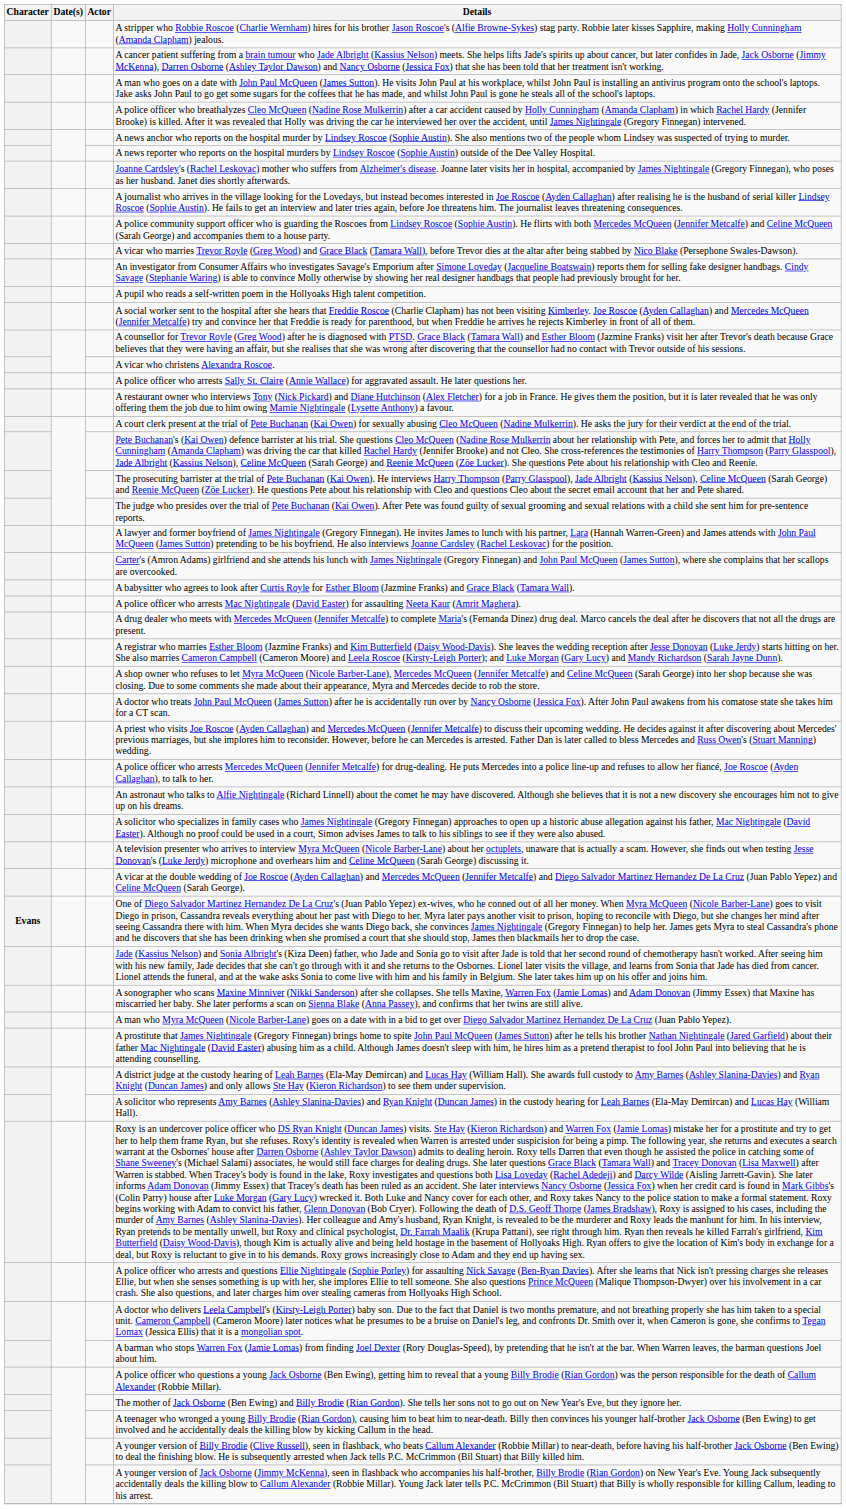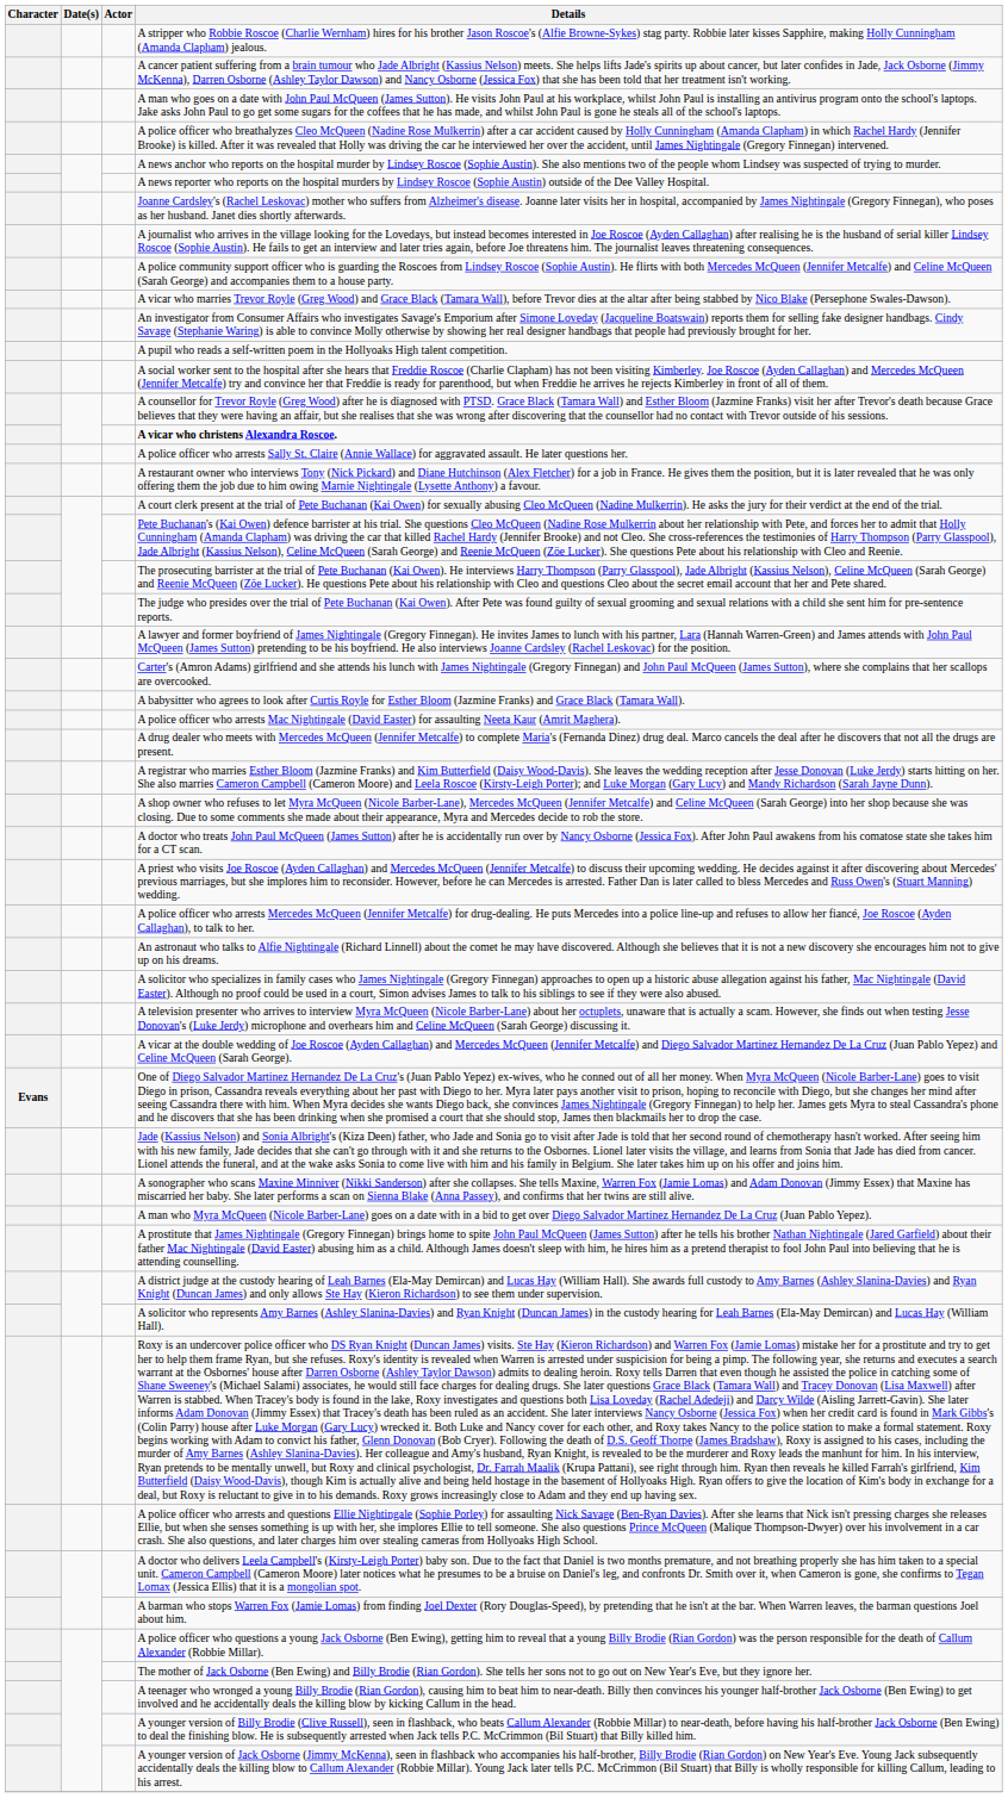 <table class="wikitable plainrowheaders" style="font-size:90%">
 <tr>
 <th scope="col">Character</th>
 <th scope="col">Date(s)</th>
 <th scope="col">Actor</th>
 <th scope="col">Details</th>
 </tr>
 <tr>
 <th scope="row"></th>
 <td></td>
 <td></td>
 <td>A stripper who <a href='#'>Robbie Roscoe</a> (<a href='#'>Charlie Wernham</a>) hires for his brother <a href='#'>Jason Roscoe</a>'s (<a href='#'>Alfie Browne-Sykes</a>) stag party. Robbie later kisses Sapphire, making <a href='#'>Holly Cunningham</a> (<a href='#'>Amanda Clapham</a>) jealous.</td>
 </tr>
 <tr>
 <th scope="row"></th>
 <td></td>
 <td></td>
 <td>A cancer patient suffering from a <a href='#'>brain tumour</a> who <a href='#'>Jade Albright</a> (<a href='#'>Kassius Nelson</a>) meets. She helps lifts Jade's spirits up about cancer, but later confides in Jade, <a href='#'>Jack Osborne</a> (<a href='#'>Jimmy McKenna</a>), <a href='#'>Darren Osborne</a> (<a href='#'>Ashley Taylor Dawson</a>) and <a href='#'>Nancy Osborne</a> (<a href='#'>Jessica Fox</a>) that she has been told that her treatment isn't working.</td>
 </tr>
 <tr>
 <th scope="row"></th>
 <td></td>
 <td></td>
 <td>A man who goes on a date with <a href='#'>John Paul McQueen</a> (<a href='#'>James Sutton</a>). He visits John Paul at his workplace, whilst John Paul is installing an antivirus program onto the school's laptops. Jake asks John Paul to go get some sugars for the coffees that he has made, and whilst John Paul is gone he steals all of the school's laptops.</td>
 </tr>
 <tr>
 <th scope="row"></th>
 <td></td>
 <td></td>
 <td>A police officer who breathalyzes <a href='#'>Cleo McQueen</a> (<a href='#'>Nadine Rose Mulkerrin</a>) after a car accident caused by <a href='#'>Holly Cunningham</a> (<a href='#'>Amanda Clapham</a>) in which <a href='#'>Rachel Hardy</a> (Jennifer Brooke) is killed. After it was revealed that Holly was driving the car he interviewed her over the accident, until <a href='#'>James Nightingale</a> (Gregory Finnegan) intervened.</td>
 </tr>
 <tr>
 <th scope="row"></th>
 <td rowspan="2"></td>
 <td></td>
 <td>A news anchor who reports on the hospital murder by <a href='#'>Lindsey Roscoe</a> (<a href='#'>Sophie Austin</a>). She also mentions two of the people whom Lindsey was suspected of trying to murder.</td>
 </tr>
 <tr>
 <th scope="row"></th>
 <td></td>
 <td>A news reporter who reports on the hospital murders by <a href='#'>Lindsey Roscoe</a> (<a href='#'>Sophie Austin</a>) outside of the Dee Valley Hospital.</td>
 </tr>
 <tr>
 <th scope="row"></th>
 <td></td>
 <td></td>
 <td><a href='#'>Joanne Cardsley</a>'s (<a href='#'>Rachel Leskovac</a>) mother who suffers from <a href='#'>Alzheimer's disease</a>. Joanne later visits her in hospital, accompanied by <a href='#'>James Nightingale</a> (Gregory Finnegan), who poses as her husband. Janet dies shortly afterwards.</td>
 </tr>
 <tr>
 <th scope="row"></th>
 <td></td>
 <td></td>
 <td>A journalist who arrives in the village looking for the Lovedays, but instead becomes interested in <a href='#'>Joe Roscoe</a> (<a href='#'>Ayden Callaghan</a>) after realising he is the husband of serial killer <a href='#'>Lindsey Roscoe</a> (<a href='#'>Sophie Austin</a>). He fails to get an interview and later tries again, before Joe threatens him. The journalist leaves threatening consequences.</td>
 </tr>
 <tr>
 <th scope="row"></th>
 <td></td>
 <td></td>
 <td>A police community support officer who is guarding the Roscoes from <a href='#'>Lindsey Roscoe</a> (<a href='#'>Sophie Austin</a>). He flirts with both <a href='#'>Mercedes McQueen</a> (<a href='#'>Jennifer Metcalfe</a>) and <a href='#'>Celine McQueen</a> (Sarah George) and accompanies them to a house party.</td>
 </tr>
 <tr>
 <th scope="row"></th>
 <td></td>
 <td></td>
 <td>A vicar who marries <a href='#'>Trevor Royle</a> (<a href='#'>Greg Wood</a>) and <a href='#'>Grace Black</a> (<a href='#'>Tamara Wall</a>), before Trevor dies at the altar after being stabbed by <a href='#'>Nico Blake</a> (Persephone Swales-Dawson).</td>
 </tr>
 <tr>
 <th scope="row"></th>
 <td></td>
 <td></td>
 <td>An investigator from Consumer Affairs who investigates Savage's Emporium after <a href='#'>Simone Loveday</a> (<a href='#'>Jacqueline Boatswain</a>) reports them for selling fake designer handbags. <a href='#'>Cindy Savage</a> (<a href='#'>Stephanie Waring</a>) is able to convince Molly otherwise by showing her real designer handbags that people had previously brought for her.</td>
 </tr>
 <tr>
 <th scope="row"></th>
 <td></td>
 <td></td>
 <td>A pupil who reads a self-written poem in the Hollyoaks High talent competition.</td>
 </tr>
 <tr>
 <th scope="row"></th>
 <td></td>
 <td></td>
 <td>A social worker sent to the hospital after she hears that <a href='#'>Freddie Roscoe</a> (Charlie Clapham) has not been visiting <a href='#'>Kimberley</a>. <a href='#'>Joe Roscoe</a> (<a href='#'>Ayden Callaghan</a>) and <a href='#'>Mercedes McQueen</a> (<a href='#'>Jennifer Metcalfe</a>) try and convince her that Freddie is ready for parenthood, but when Freddie he arrives he rejects Kimberley in front of all of them.</td>
 </tr>
 <tr>
 <th scope="row"></th>
 <td rowspan=2></td>
 <td></td>
 <td>A counsellor for <a href='#'>Trevor Royle</a> (<a href='#'>Greg Wood</a>) after he is diagnosed with <a href='#'>PTSD</a>. <a href='#'>Grace Black</a> (<a href='#'>Tamara Wall</a>) and <a href='#'>Esther Bloom</a> (Jazmine Franks) visit her after Trevor's death because Grace believes that they were having an affair, but she realises that she was wrong after discovering that the counsellor had no contact with Trevor outside of his sessions.</td>
 </tr>
 <tr>
 <th scope="row"></th>
 <td></td>
-<td>A vicar who christens <a href='#'>Alexandra Roscoe</a>.</td>
+<td><strong>A vicar who christens <a href='#'>Alexandra Roscoe</a>.</strong></td>
 </tr>
 <tr>
 <th scope="row"></th>
 <td></td>
 <td></td>
 <td>A police officer who arrests <a href='#'>Sally St. Claire</a> (<a href='#'>Annie Wallace</a>) for aggravated assault. He later questions her.</td>
 </tr>
 <tr>
 <th scope="row"></th>
 <td></td>
 <td></td>
 <td>A restaurant owner who interviews <a href='#'>Tony</a> (<a href='#'>Nick Pickard</a>) and <a href='#'>Diane Hutchinson</a> (<a href='#'>Alex Fletcher</a>) for a job in France. He gives them the position, but it is later revealed that he was only offering them the job due to him owing <a href='#'>Marnie Nightingale</a> (<a href='#'>Lysette Anthony</a>) a favour.</td>
 </tr>
 <tr>
 <th scope="row"></th>
 <td rowspan="4"></td>
 <td></td>
 <td>A court clerk present at the trial of <a href='#'>Pete Buchanan</a> (<a href='#'>Kai Owen</a>) for sexually abusing <a href='#'>Cleo McQueen</a> (<a href='#'>Nadine Mulkerrin</a>). He asks the jury for their verdict at the end of the trial.</td>
 </tr>
 <tr>
 <th scope="row"></th>
 <td></td>
 <td><a href='#'>Pete Buchanan</a>'s (<a href='#'>Kai Owen</a>) defence barrister at his trial. She questions <a href='#'>Cleo McQueen</a> (<a href='#'>Nadine Rose Mulkerrin</a> about her relationship with Pete, and forces her to admit that <a href='#'>Holly Cunningham</a> (<a href='#'>Amanda Clapham</a>) was driving the car that killed <a href='#'>Rachel Hardy</a> (Jennifer Brooke) and not Cleo. She cross-references the testimonies of <a href='#'>Harry Thompson</a> (<a href='#'>Parry Glasspool</a>), <a href='#'>Jade Albright</a> (<a href='#'>Kassius Nelson</a>), <a href='#'>Celine McQueen</a> (Sarah George) and <a href='#'>Reenie McQueen</a> (<a href='#'>Zöe Lucker</a>). She questions Pete about his relationship with Cleo and Reenie.</td>
 </tr>
 <tr>
 <th scope="row"></th>
 <td></td>
 <td>The prosecuting barrister at the trial of <a href='#'>Pete Buchanan</a> (<a href='#'>Kai Owen</a>). He interviews <a href='#'>Harry Thompson</a> (<a href='#'>Parry Glasspool</a>), <a href='#'>Jade Albright</a> (<a href='#'>Kassius Nelson</a>), <a href='#'>Celine McQueen</a> (Sarah George) and <a href='#'>Reenie McQueen</a> (<a href='#'>Zöe Lucker</a>). He questions Pete about his relationship with Cleo and questions Cleo about the secret email account that her and Pete shared.</td>
 </tr>
 <tr>
 <th scope="row"></th>
 <td></td>
 <td>The judge who presides over the trial of <a href='#'>Pete Buchanan</a> (<a href='#'>Kai Owen</a>). After Pete was found guilty of sexual grooming and sexual relations with a child she sent him for pre-sentence reports.</td>
 </tr>
 <tr>
 <th scope="row"></th>
 <td></td>
 <td></td>
 <td>A lawyer and former boyfriend of <a href='#'>James Nightingale</a> (Gregory Finnegan). He invites James to lunch with his partner, <a href='#'>Lara</a> (Hannah Warren-Green) and James attends with <a href='#'>John Paul McQueen</a> (<a href='#'>James Sutton</a>) pretending to be his boyfriend. He also interviews <a href='#'>Joanne Cardsley</a> (<a href='#'>Rachel Leskovac</a>) for the position.</td>
 </tr>
 <tr>
 <th scope="row"></th>
 <td></td>
 <td></td>
 <td><a href='#'>Carter</a>'s (Amron Adams) girlfriend and she attends his lunch with <a href='#'>James Nightingale</a> (Gregory Finnegan) and <a href='#'>John Paul McQueen</a> (<a href='#'>James Sutton</a>), where she complains that her scallops are overcooked.</td>
 </tr>
 <tr>
 <th scope="row"></th>
 <td></td>
 <td></td>
 <td>A babysitter who agrees to look after <a href='#'>Curtis Royle</a> for <a href='#'>Esther Bloom</a> (Jazmine Franks) and <a href='#'>Grace Black</a> (<a href='#'>Tamara Wall</a>).</td>
 </tr>
 <tr>
 <th scope="row"></th>
 <td></td>
 <td></td>
 <td>A police officer who arrests <a href='#'>Mac Nightingale</a> (<a href='#'>David Easter</a>) for assaulting <a href='#'>Neeta Kaur</a> (<a href='#'>Amrit Maghera</a>).</td>
 </tr>
 <tr>
 <th scope="row"></th>
 <td></td>
 <td></td>
 <td>A drug dealer who meets with <a href='#'>Mercedes McQueen</a> (<a href='#'>Jennifer Metcalfe</a>) to complete <a href='#'>Maria</a>'s (Fernanda Dinez) drug deal. Marco cancels the deal after he discovers that not all the drugs are present.</td>
 </tr>
 <tr>
 <th scope="row"></th>
 <td></td>
 <td></td>
 <td>A registrar who marries <a href='#'>Esther Bloom</a> (Jazmine Franks) and <a href='#'>Kim Butterfield</a> (<a href='#'>Daisy Wood-Davis</a>). She leaves the wedding reception after <a href='#'>Jesse Donovan</a> (<a href='#'>Luke Jerdy</a>) starts hitting on her. She also marries <a href='#'>Cameron Campbell</a> (Cameron Moore) and <a href='#'>Leela Roscoe</a> (<a href='#'>Kirsty-Leigh Porter</a>); and <a href='#'>Luke Morgan</a> (<a href='#'>Gary Lucy</a>) and <a href='#'>Mandy Richardson</a> (<a href='#'>Sarah Jayne Dunn</a>).</td>
 </tr>
 <tr>
 <th scope="row"></th>
 <td></td>
 <td></td>
 <td>A shop owner who refuses to let <a href='#'>Myra McQueen</a> (<a href='#'>Nicole Barber-Lane</a>), <a href='#'>Mercedes McQueen</a> (<a href='#'>Jennifer Metcalfe</a>) and <a href='#'>Celine McQueen</a> (Sarah George) into her shop because she was closing. Due to some comments she made about their appearance, Myra and Mercedes decide to rob the store.</td>
 </tr>
 <tr>
 <th scope="row"></th>
 <td></td>
 <td></td>
 <td>A doctor who treats <a href='#'>John Paul McQueen</a> (<a href='#'>James Sutton</a>) after he is accidentally run over by <a href='#'>Nancy Osborne</a> (<a href='#'>Jessica Fox</a>). After John Paul awakens from his comatose state she takes him for a CT scan.</td>
 </tr>
 <tr>
 <th scope="row"></th>
 <td></td>
 <td></td>
 <td>A priest who visits <a href='#'>Joe Roscoe</a> (<a href='#'>Ayden Callaghan</a>) and <a href='#'>Mercedes McQueen</a> (<a href='#'>Jennifer Metcalfe</a>) to discuss their upcoming wedding. He decides against it after discovering about Mercedes' previous marriages, but she implores him to reconsider. However, before he can Mercedes is arrested. Father Dan is later called to bless Mercedes and <a href='#'>Russ Owen</a>'s (<a href='#'>Stuart Manning</a>) wedding.</td>
 </tr>
 <tr>
 <th scope="row"></th>
 <td></td>
 <td></td>
 <td>A police officer who arrests <a href='#'>Mercedes McQueen</a> (<a href='#'>Jennifer Metcalfe</a>) for drug-dealing. He puts Mercedes into a police line-up and refuses to allow her fiancé, <a href='#'>Joe Roscoe</a> (<a href='#'>Ayden Callaghan</a>), to talk to her.</td>
 </tr>
 <tr>
 <th scope="row"></th>
 <td></td>
 <td></td>
 <td>An astronaut who talks to <a href='#'>Alfie Nightingale</a> (Richard Linnell) about the comet he may have discovered. Although she believes that it is not a new discovery she encourages him not to give up on his dreams.</td>
 </tr>
 <tr>
 <th scope="row"></th>
 <td></td>
 <td></td>
 <td>A solicitor who specializes in family cases who <a href='#'>James Nightingale</a> (Gregory Finnegan) approaches to open up a historic abuse allegation against his father, <a href='#'>Mac Nightingale</a> (<a href='#'>David Easter</a>). Although no proof could be used in a court, Simon advises James to talk to his siblings to see if they were also abused.</td>
 </tr>
 <tr>
 <th scope="row"></th>
 <td></td>
 <td></td>
 <td>A television presenter who arrives to interview <a href='#'>Myra McQueen</a> (<a href='#'>Nicole Barber-Lane</a>) about her <a href='#'>octuplets</a>, unaware that is actually a scam. However, she finds out when testing <a href='#'>Jesse Donovan</a>'s (<a href='#'>Luke Jerdy</a>) microphone and overhears him and <a href='#'>Celine McQueen</a> (Sarah George) discussing it.</td>
 </tr>
 <tr>
 <th scope="row"></th>
 <td></td>
 <td></td>
 <td>A vicar at the double wedding of <a href='#'>Joe Roscoe</a> (<a href='#'>Ayden Callaghan</a>) and <a href='#'>Mercedes McQueen</a> (<a href='#'>Jennifer Metcalfe</a>) and <a href='#'>Diego Salvador Martinez Hernandez De La Cruz</a> (Juan Pablo Yepez) and <a href='#'>Celine McQueen</a> (Sarah George).</td>
 </tr>
 <tr>
 <th scope="row"> Evans</th>
 <td></td>
 <td></td>
 <td>One of <a href='#'>Diego Salvador Martinez Hernandez De La Cruz</a>'s (Juan Pablo Yepez) ex-wives, who he conned out of all her money. When <a href='#'>Myra McQueen</a> (<a href='#'>Nicole Barber-Lane</a>) goes to visit Diego in prison, Cassandra reveals everything about her past with Diego to her. Myra later pays another visit to prison, hoping to reconcile with Diego, but she changes her mind after seeing Cassandra there with him. When Myra decides she wants Diego back, she convinces <a href='#'>James Nightingale</a> (Gregory Finnegan) to help her. James gets Myra to steal Cassandra's phone and he discovers that she has been drinking when she promised a court that she should stop, James then blackmails her to drop the case.</td>
 </tr>
 <tr>
 <th scope="row"></th>
 <td></td>
 <td></td>
 <td><a href='#'>Jade</a> (<a href='#'>Kassius Nelson</a>) and <a href='#'>Sonia Albright</a>'s (Kiza Deen) father, who Jade and Sonia go to visit after Jade is told that her second round of chemotherapy hasn't worked. After seeing him with his new family, Jade decides that she can't go through with it and she returns to the Osbornes. Lionel later visits the village, and learns from Sonia that Jade has died from cancer. Lionel attends the funeral, and at the wake asks Sonia to come live with him and his family in Belgium. She later takes him up on his offer and joins him.</td>
 </tr>
 <tr>
 <th scope="row"></th>
 <td></td>
 <td></td>
 <td>A sonographer who scans <a href='#'>Maxine Minniver</a> (<a href='#'>Nikki Sanderson</a>) after she collapses. She tells Maxine, <a href='#'>Warren Fox</a> (<a href='#'>Jamie Lomas</a>) and <a href='#'>Adam Donovan</a> (Jimmy Essex) that Maxine has miscarried her baby. She later performs a scan on <a href='#'>Sienna Blake</a> (<a href='#'>Anna Passey</a>), and confirms that her twins are still alive.</td>
 </tr>
 <tr>
 <th scope="row"></th>
 <td></td>
 <td></td>
 <td>A man who <a href='#'>Myra McQueen</a> (<a href='#'>Nicole Barber-Lane</a>) goes on a date with in a bid to get over <a href='#'>Diego Salvador Martinez Hernandez De La Cruz</a> (Juan Pablo Yepez).</td>
 </tr>
 <tr>
 <th scope="row"></th>
 <td></td>
 <td></td>
 <td>A prostitute that <a href='#'>James Nightingale</a> (Gregory Finnegan) brings home to spite <a href='#'>John Paul McQueen</a> (<a href='#'>James Sutton</a>) after he tells his brother <a href='#'>Nathan Nightingale</a> (<a href='#'>Jared Garfield</a>) about their father <a href='#'>Mac Nightingale</a> (<a href='#'>David Easter</a>) abusing him as a child. Although James doesn't sleep with him, he hires him as a pretend therapist to fool John Paul into believing that he is attending counselling.</td>
 </tr>
 <tr>
 <th scope="row"></th>
 <td rowspan=2></td>
 <td></td>
 <td>A district judge at the custody hearing of <a href='#'>Leah Barnes</a> (Ela-May Demircan) and <a href='#'>Lucas Hay</a> (William Hall). She awards full custody to <a href='#'>Amy Barnes</a> (<a href='#'>Ashley Slanina-Davies</a>) and <a href='#'>Ryan Knight</a> (<a href='#'>Duncan James</a>) and only allows <a href='#'>Ste Hay</a> (<a href='#'>Kieron Richardson</a>) to see them under supervision.</td>
 </tr>
 <tr>
 <th scope="row"></th>
 <td></td>
 <td>A solicitor who represents <a href='#'>Amy Barnes</a> (<a href='#'>Ashley Slanina-Davies</a>) and <a href='#'>Ryan Knight</a> (<a href='#'>Duncan James</a>) in the custody hearing for <a href='#'>Leah Barnes</a> (Ela-May Demircan) and <a href='#'>Lucas Hay</a> (William Hall).</td>
 </tr>
 <tr>
 <th scope="row"></th>
 <td></td>
 <td></td>
 <td>Roxy is an undercover police officer who <a href='#'>DS Ryan Knight</a> (<a href='#'>Duncan James</a>) visits. <a href='#'>Ste Hay</a> (<a href='#'>Kieron Richardson</a>) and <a href='#'>Warren Fox</a> (<a href='#'>Jamie Lomas</a>) mistake her for a prostitute and try to get her to help them frame Ryan, but she refuses. Roxy's identity is revealed when Warren is arrested under suspicision for being a pimp. The following year, she returns and executes a search warrant at the Osbornes' house after <a href='#'>Darren Osborne</a> (<a href='#'>Ashley Taylor Dawson</a>) admits to dealing heroin. Roxy tells Darren that even though he assisted the police in catching some of <a href='#'>Shane Sweeney</a>'s (Michael Salami) associates, he would still face charges for dealing drugs. She later questions <a href='#'>Grace Black</a> (<a href='#'>Tamara Wall</a>) and <a href='#'>Tracey Donovan</a> (<a href='#'>Lisa Maxwell</a>) after Warren is stabbed. When Tracey's body is found in the lake, Roxy investigates and questions both <a href='#'>Lisa Loveday</a> (<a href='#'>Rachel Adedeji</a>) and <a href='#'>Darcy Wilde</a> (Aisling Jarrett-Gavin). She later informs <a href='#'>Adam Donovan</a> (Jimmy Essex) that Tracey's death has been ruled as an accident. She later interviews <a href='#'>Nancy Osborne</a> (<a href='#'>Jessica Fox</a>) when her credit card is found in <a href='#'>Mark Gibbs</a>'s (Colin Parry) house after <a href='#'>Luke Morgan</a> (<a href='#'>Gary Lucy</a>) wrecked it. Both Luke and Nancy cover for each other, and Roxy takes Nancy to the police station to make a formal statement. Roxy begins working with Adam to convict his father, <a href='#'>Glenn Donovan</a> (Bob Cryer). Following the death of <a href='#'>D.S. Geoff Thorpe</a> (<a href='#'>James Bradshaw</a>), Roxy is assigned to his cases, including the murder of <a href='#'>Amy Barnes</a> (<a href='#'>Ashley Slanina-Davies</a>). Her colleague and Amy's husband, Ryan Knight, is revealed to be the murderer and Roxy leads the manhunt for him. In his interview, Ryan pretends to be mentally unwell, but Roxy and clinical psychologist, <a href='#'>Dr. Farrah Maalik</a> (Krupa Pattani), see right through him. Ryan then reveals he killed Farrah's girlfriend, <a href='#'>Kim Butterfield</a> (<a href='#'>Daisy Wood-Davis</a>), though Kim is actually alive and being held hostage in the basement of Hollyoaks High. Ryan offers to give the location of Kim's body in exchange for a deal, but Roxy is reluctant to give in to his demands. Roxy grows increasingly close to Adam and they end up having sex.</td>
 </tr>
 <tr>
 <th scope="row"></th>
 <td></td>
 <td></td>
 <td>A police officer who arrests and questions <a href='#'>Ellie Nightingale</a> (<a href='#'>Sophie Porley</a>) for assaulting <a href='#'>Nick Savage</a> (<a href='#'>Ben-Ryan Davies</a>). After she learns that Nick isn't pressing charges she releases Ellie, but when she senses something is up with her, she implores Ellie to tell someone. She also questions <a href='#'>Prince McQueen</a> (Malique Thompson-Dwyer) over his involvement in a car crash. She also questions, and later charges him over stealing cameras from Hollyoaks High School.</td>
 </tr>
 <tr>
 <th scope="row"></th>
 <td rowspan=2></td>
 <td></td>
 <td>A doctor who delivers <a href='#'>Leela Campbell</a>'s (<a href='#'>Kirsty-Leigh Porter</a>) baby son. Due to the fact that Daniel is two months premature, and not breathing properly she has him taken to a special unit. <a href='#'>Cameron Campbell</a> (Cameron Moore) later notices what he presumes to be a bruise on Daniel's leg, and confronts Dr. Smith over it, when Cameron is gone, she confirms to <a href='#'>Tegan Lomax</a> (Jessica Ellis) that it is a <a href='#'>mongolian spot</a>.</td>
 </tr>
 <tr .>
 <th scope="row"></th>
 <td></td>
 <td>A barman who stops <a href='#'>Warren Fox</a> (<a href='#'>Jamie Lomas</a>) from finding <a href='#'>Joel Dexter</a> (Rory Douglas-Speed), by pretending that he isn't at the bar. When Warren leaves, the barman questions Joel about him.</td>
 </tr>
 <tr>
 <th scope="row"></th>
 <td rowspan="5"></td>
 <td></td>
 <td>A police officer who questions a young <a href='#'>Jack Osborne</a> (Ben Ewing), getting him to reveal that a young <a href='#'>Billy Brodie</a> (<a href='#'>Rian Gordon</a>) was the person responsible for the death of <a href='#'>Callum Alexander</a> (Robbie Millar).</td>
 </tr>
 <tr>
 <th scope="row"></th>
 <td></td>
 <td>The mother of <a href='#'>Jack Osborne</a> (Ben Ewing) and <a href='#'>Billy Brodie</a> (<a href='#'>Rian Gordon</a>). She tells her sons not to go out on New Year's Eve, but they ignore her.</td>
 </tr>
 <tr>
 <th scope="row"></th>
 <td></td>
 <td>A teenager who wronged a young <a href='#'>Billy Brodie</a> (<a href='#'>Rian Gordon</a>), causing him to beat him to near-death. Billy then convinces his younger half-brother <a href='#'>Jack Osborne</a> (Ben Ewing) to get involved and he accidentally deals the killing blow by kicking Callum in the head.</td>
 </tr>
 <tr>
 <th scope="row"></th>
 <td></td>
 <td>A younger version of <a href='#'>Billy Brodie</a> (<a href='#'>Clive Russell</a>), seen in flashback, who beats <a href='#'>Callum Alexander</a> (Robbie Millar) to near-death, before having his half-brother <a href='#'>Jack Osborne</a> (Ben Ewing) to deal the finishing blow. He is subsequently arrested when Jack tells P.C. McCrimmon (Bil Stuart) that Billy killed him.</td>
 </tr>
 <tr>
 <th scope="row"></th>
 <td></td>
 <td>A younger version of <a href='#'>Jack Osborne</a> (<a href='#'>Jimmy McKenna</a>), seen in flashback who accompanies his half-brother, <a href='#'>Billy Brodie</a> (<a href='#'>Rian Gordon</a>) on New Year's Eve. Young Jack subsequently accidentally deals the killing blow to <a href='#'>Callum Alexander</a> (Robbie Millar). Young Jack later tells P.C. McCrimmon (Bil Stuart) that Billy is wholly responsible for killing Callum, leading to his arrest.</td>
 </tr>
 <tr>
 </tr>
 </table>
